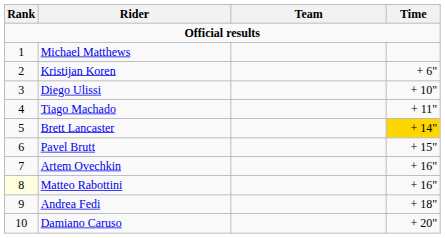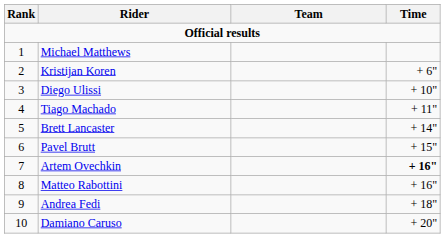 <table class="wikitable">
 <tr>
 <th>Rank</th>
 <th>Rider</th>
 <th>Team</th>
 <th>Time</th>
 </tr>
 <tr>
 <td colspan=4 align=center><strong>Official results</strong></td>
 </tr>
 <tr>
 <td style="text-align:center;">1</td>
 <td width=250px> <a href='#'>Michael Matthews</a> </td>
 <td width=200px></td>
 <td width=64px align=right></td>
 </tr>
 <tr>
 <td style="text-align:center;">2</td>
 <td> <a href='#'>Kristijan Koren</a></td>
 <td></td>
 <td style="text-align:right;">+ 6"</td>
 </tr>
 <tr>
 <td style="text-align:center;">3</td>
 <td> <a href='#'>Diego Ulissi</a></td>
 <td></td>
 <td style="text-align:right;">+ 10"</td>
 </tr>
 <tr>
 <td style="text-align:center;">4</td>
 <td> <a href='#'>Tiago Machado</a></td>
 <td></td>
 <td style="text-align:right;">+ 11"</td>
 </tr>
 <tr>
 <td style="text-align:center;">5</td>
 <td> <a href='#'>Brett Lancaster</a></td>
 <td></td>
-<td style="background: gold; text-align:right;">+ 14"</td>
+<td style="text-align:right;">+ 14"</td>
 </tr>
 <tr>
 <td style="text-align:center;">6</td>
 <td> <a href='#'>Pavel Brutt</a></td>
 <td></td>
 <td style="text-align:right;">+ 15"</td>
 </tr>
 <tr>
 <td style="text-align:center;">7</td>
 <td> <a href='#'>Artem Ovechkin</a></td>
 <td></td>
-<td style="text-align:right;">+ 16"</td>
+<td style="text-align:right;"><strong>+ 16"</strong></td>
 </tr>
 <tr>
-<td style="background: lightyellow; text-align:center;">8</td>
+<td style="text-align:center;">8</td>
 <td> <a href='#'>Matteo Rabottini</a></td>
 <td></td>
 <td style="text-align:right;">+ 16"</td>
 </tr>
 <tr>
 <td style="text-align:center;">9</td>
 <td> <a href='#'>Andrea Fedi</a></td>
 <td></td>
 <td style="text-align:right;">+ 18"</td>
 </tr>
 <tr>
 <td style="text-align:center;">10</td>
 <td> <a href='#'>Damiano Caruso</a></td>
 <td></td>
 <td style="text-align:right;">+ 20"</td>
 </tr>
 </table>
